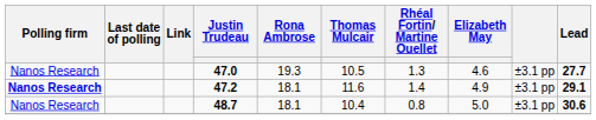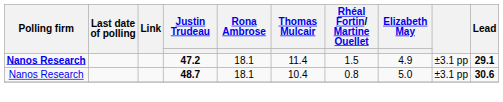 <table class="wikitable sortable mw-datatable" style="text-align:center;font-size:90%;line-height:14px;">
 <tr>
 <th rowspan="2">Polling firm</th>
 <th rowspan="2">Last date<br>of polling</th>
 <th rowspan="2">Link</th>
 <th class="unsortable" style="width:70px;"><a href='#'>Justin Trudeau</a></th>
 <th class="unsortable" style="width:70px;"><a href='#'>Rona Ambrose</a></th>
 <th class="unsortable" style="width:70px;"><a href='#'>Thomas Mulcair</a></th>
 <th class="unsortable" style="width:70px;"><a href='#'>Rhéal Fortin</a>/<br><a href='#'>Martine Ouellet</a></th>
 <th class="unsortable" style="width:70px;"><a href='#'>Elizabeth May</a></th>
 <th rowspan="2"></th>
 <th rowspan="2">Lead</th>
 </tr>
 <tr style="background:#e9e9e9;">
 <th style="background-color:"></th>
 <th style="background-color:"></th>
 <th style="background-color:"></th>
 <th style="background-color:"></th>
 <th style="background-color:"></th>
 </tr>
 <tr>
-<td><a href='#'>Nanos Research</a></td>
-<td></td>
-<td></td>
-<td><strong>47.0</strong></td>
-<td>19.3</td>
-<td>10.5</td>
-<td>1.3</td>
-<td>4.6</td>
-<td>±3.1 pp</td>
-<td><strong>27.7</strong></td>
-</tr>
-<tr>
 <td><strong><a href='#'>Nanos Research</a></strong></td>
 <td></td>
 <td></td>
 <td><strong>47.2</strong></td>
 <td>18.1</td>
-<td>11.6</td>
-<td>1.4</td>
+<td>11.4</td>
+<td>1.5</td>
 <td>4.9</td>
 <td>±3.1 pp</td>
 <td><strong>29.1</strong></td>
 </tr>
 <tr>
 <td><a href='#'>Nanos Research</a></td>
 <td></td>
 <td></td>
 <td><strong>48.7</strong></td>
 <td>18.1</td>
 <td>10.4</td>
 <td>0.8</td>
 <td>5.0</td>
 <td>±3.1 pp</td>
 <td><strong>30.6</strong></td>
 </tr>
 <tr>
 </tr>
 </table>
